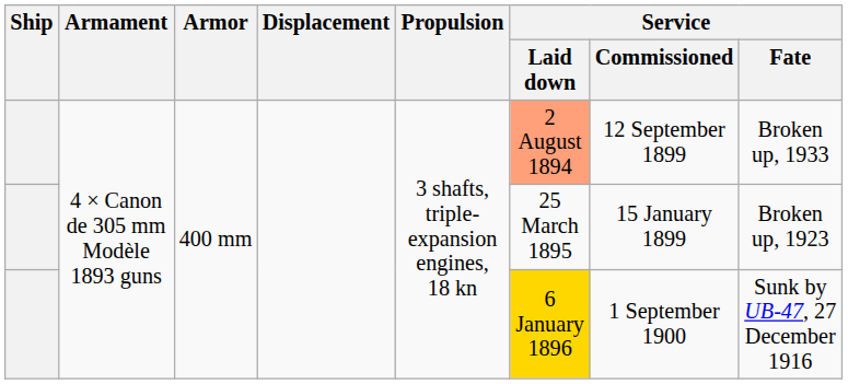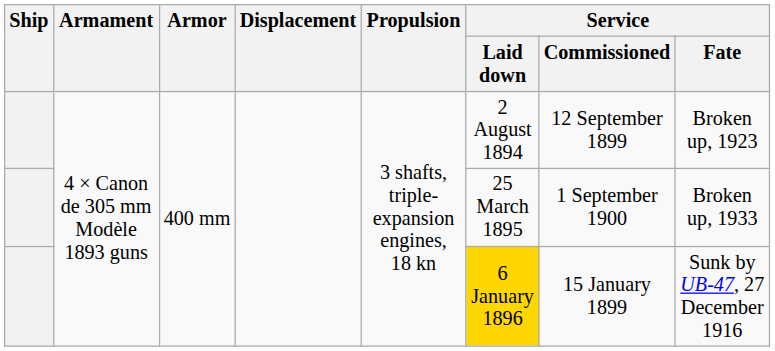 <table class="wikitable plainrowheaders" style="text-align: center;">
 <tr valign="top">
 <th scope="col" rowspan="2">Ship</th>
 <th scope="col" rowspan="2">Armament</th>
 <th scope="col" rowspan="2">Armor</th>
 <th scope="col" rowspan="2">Displacement</th>
 <th scope="col" rowspan="2">Propulsion</th>
 <th scope="col" colspan="3">Service</th>
 </tr>
 <tr valign="top">
 <th scope="col">Laid down</th>
 <th scope="col">Commissioned</th>
 <th scope="col">Fate</th>
 </tr>
 <tr valign="center">
 <th scope="row"></th>
 <td rowspan="3">4 × Canon de 305 mm Modèle 1893 guns</td>
 <td rowspan="3">400 mm</td>
 <td rowspan="3"></td>
 <td rowspan="3">3 shafts, triple-expansion engines, 18 kn</td>
-<td style="background: lightsalmon;">2 August 1894</td>
+<td>2 August 1894</td>
 <td>12 September 1899</td>
+<td>Broken up, 1923</td>
+</tr>
+<tr valign="center">
+<th scope="row"></th>
+<td>25 March 1895</td>
+<td>1 September 1900</td>
 <td>Broken up, 1933</td>
 </tr>
 <tr valign="center">
 <th scope="row"></th>
-<td>25 March 1895</td>
+<td style="background: gold;">6 January 1896</td>
 <td>15 January 1899</td>
-<td>Broken up, 1923</td>
-</tr>
-<tr valign="center">
-<th scope="row"></th>
-<td style="background: gold;">6 January 1896</td>
-<td>1 September 1900</td>
 <td>Sunk by <a href='#'><em>UB-47</em></a>, 27 December 1916</td>
 </tr>
 </table>
